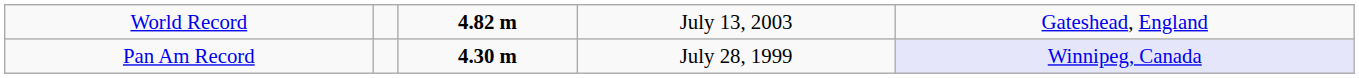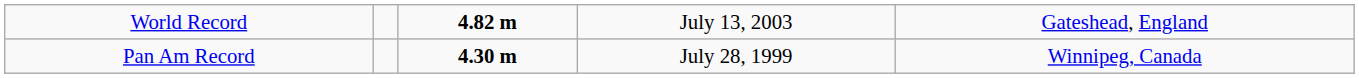 <table class="wikitable" style=" text-align:center; font-size:95%;" width="78%">
 <tr>
 <td><a href='#'>World Record</a></td>
 <td></td>
 <td><strong>4.82 m </strong></td>
 <td>July 13, 2003</td>
 <td> <a href='#'>Gateshead</a>, <a href='#'>England</a></td>
 </tr>
 <tr>
 <td><a href='#'>Pan Am Record</a></td>
 <td></td>
 <td><strong>4.30 m </strong></td>
 <td>July 28, 1999</td>
-<td style="background: lavender;"> <a href='#'>Winnipeg, Canada</a></td>
+<td> <a href='#'>Winnipeg, Canada</a></td>
 </tr>
 </table>
